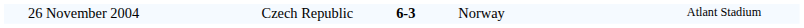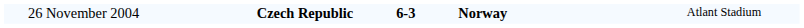 <table style="width: 100%; background:#F5FAFF;" cellspacing="0">
 <tr>
 <td align=center rowspan=3 width=20%>26 November 2004</td>
 </tr>
 <tr>
-<td width=24% align=right>Czech Republic </td>
+<td width=24% align=right><strong>Czech Republic </strong></td>
 <td align=center width=13%><strong>6-3</strong></td>
-<td width=24%> Norway</td>
+<td width=24%><strong> Norway</strong></td>
 <td style=font-size:85% rowspan=3 valign=top align=center>Atlant Stadium</td>
 </tr>
 <tr style=font-size:85%>
 <td align=right valign=top></td>
 <td></td>
 <td></td>
 </tr>
 </table>
